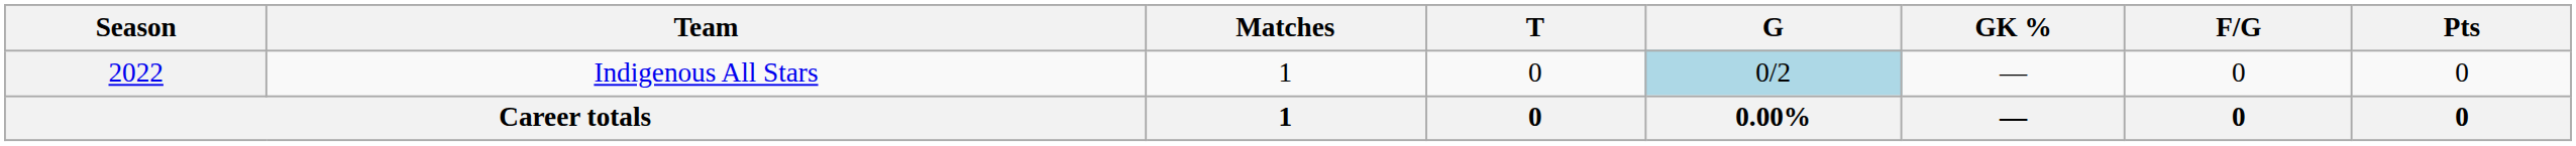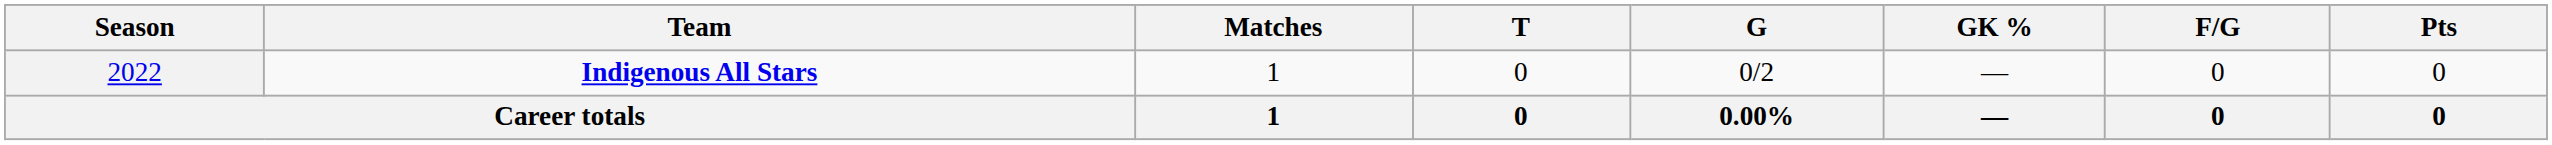 <table class="wikitable sortable"  style="font-size:90%; text-align:center; width:85%;">
 <tr>
 <th width=2%>Season</th>
 <th width=8%>Team</th>
 <th width=2%>Matches</th>
 <th width=2%>T</th>
 <th width=2%>G</th>
 <th width=2%>GK %</th>
 <th width=2%>F/G</th>
 <th width=2%>Pts</th>
 </tr>
 <tr>
 <th scope="row" style="text-align:center; font-weight:normal"><a href='#'>2022</a></th>
-<td style="text-align:center;"> <a href='#'>Indigenous All Stars</a></td>
+<td style="text-align:center;"><strong> <a href='#'>Indigenous All Stars</a></strong></td>
 <td>1</td>
 <td>0</td>
-<td style="background: lightblue;">0/2</td>
+<td>0/2</td>
 <td>—</td>
 <td>0</td>
 <td>0</td>
 </tr>
 <tr class="sortbottom">
 <th colspan=2>Career totals</th>
 <th>1</th>
 <th>0</th>
 <th>0.00%</th>
 <th>—</th>
 <th>0</th>
 <th>0</th>
 </tr>
 </table>
